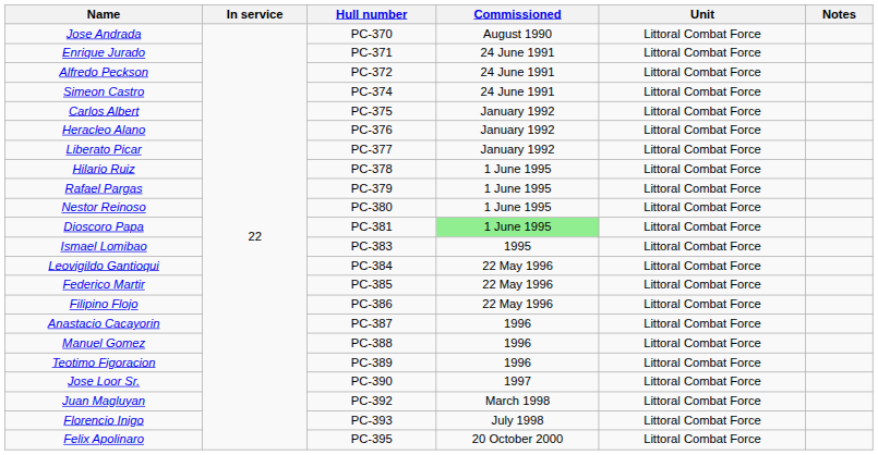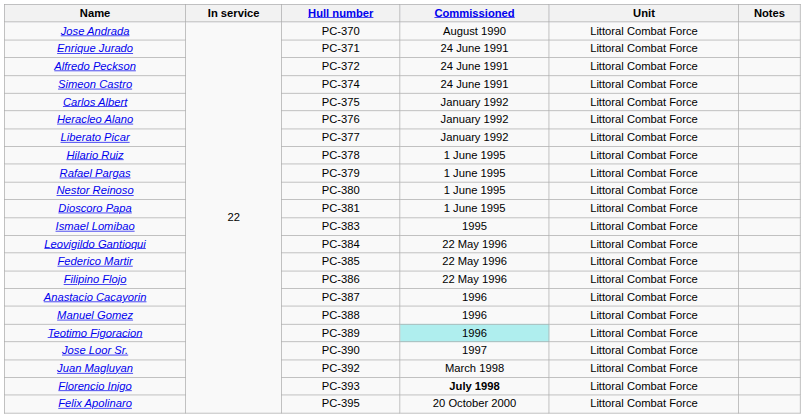 <table class="wikitable"  style="width:90%; text-align:center;">
 <tr style="background:lavender;">
 <th>Name</th>
 <th><strong>In service</strong></th>
 <th><a href='#'>Hull number</a></th>
 <th><a href='#'>Commissioned</a></th>
 <th>Unit</th>
 <th>Notes</th>
 </tr>
 <tr>
 <td valign="top"><a href='#'><em>Jose Andrada</em></a></td>
 <td rowspan="22">22</td>
 <td>PC-370</td>
 <td>August 1990</td>
 <td>Littoral Combat Force</td>
 <td></td>
 </tr>
 <tr>
 <td valign="top"><a href='#'><em>Enrique Jurado</em></a></td>
 <td>PC-371</td>
 <td>24 June 1991</td>
 <td>Littoral Combat Force</td>
 <td></td>
 </tr>
 <tr>
 <td valign="top"><a href='#'><em>Alfredo Peckson</em></a></td>
 <td>PC-372</td>
 <td>24 June 1991</td>
 <td>Littoral Combat Force</td>
 <td></td>
 </tr>
 <tr>
 <td valign="top"><a href='#'><em>Simeon Castro</em></a></td>
 <td>PC-374</td>
 <td>24 June 1991</td>
 <td>Littoral Combat Force</td>
 <td></td>
 </tr>
 <tr>
 <td valign="top"><a href='#'><em>Carlos Albert</em></a></td>
 <td>PC-375</td>
 <td>January 1992</td>
 <td>Littoral Combat Force</td>
 <td></td>
 </tr>
 <tr>
 <td valign="top"><a href='#'><em>Heracleo Alano</em></a></td>
 <td>PC-376</td>
 <td>January 1992</td>
 <td>Littoral Combat Force</td>
 <td></td>
 </tr>
 <tr>
 <td valign="top"><a href='#'><em>Liberato Picar</em></a></td>
 <td>PC-377</td>
 <td>January 1992</td>
 <td>Littoral Combat Force</td>
 <td></td>
 </tr>
 <tr>
 <td valign="top"><a href='#'><em>Hilario Ruiz</em></a></td>
 <td>PC-378</td>
 <td>1 June 1995</td>
 <td>Littoral Combat Force</td>
 <td></td>
 </tr>
 <tr>
 <td valign="top"><a href='#'><em>Rafael Pargas</em></a></td>
 <td>PC-379</td>
 <td>1 June 1995</td>
 <td>Littoral Combat Force</td>
 <td></td>
 </tr>
 <tr>
 <td valign="top"><a href='#'><em>Nestor Reinoso</em></a></td>
 <td>PC-380</td>
 <td>1 June 1995</td>
 <td>Littoral Combat Force</td>
 <td></td>
 </tr>
 <tr>
 <td valign="top"><a href='#'><em>Dioscoro Papa</em></a></td>
 <td>PC-381</td>
-<td style="background: lightgreen;">1 June 1995</td>
+<td>1 June 1995</td>
 <td>Littoral Combat Force</td>
 <td></td>
 </tr>
 <tr>
 <td valign="top"><a href='#'><em>Ismael Lomibao</em></a></td>
 <td>PC-383</td>
 <td>1995</td>
 <td>Littoral Combat Force</td>
 <td></td>
 </tr>
 <tr>
 <td valign="top"><a href='#'><em>Leovigildo Gantioqui</em></a></td>
 <td>PC-384</td>
 <td>22 May 1996</td>
 <td>Littoral Combat Force</td>
 <td></td>
 </tr>
 <tr>
 <td valign="top"><a href='#'><em>Federico Martir</em></a></td>
 <td>PC-385</td>
 <td>22 May 1996</td>
 <td>Littoral Combat Force</td>
 <td></td>
 </tr>
 <tr>
 <td valign="top"><a href='#'><em>Filipino Flojo</em></a></td>
 <td>PC-386</td>
 <td>22 May 1996</td>
 <td>Littoral Combat Force</td>
 <td></td>
 </tr>
 <tr>
 <td valign="top"><a href='#'><em>Anastacio Cacayorin</em></a></td>
 <td>PC-387</td>
 <td>1996</td>
 <td>Littoral Combat Force</td>
 <td></td>
 </tr>
 <tr>
 <td valign="top"><a href='#'><em>Manuel Gomez</em></a></td>
 <td>PC-388</td>
 <td>1996</td>
 <td>Littoral Combat Force</td>
 <td></td>
 </tr>
 <tr>
 <td valign="top"><a href='#'><em>Teotimo Figoracion</em></a></td>
 <td>PC-389</td>
-<td>1996</td>
+<td style="background: paleturquoise;">1996</td>
 <td>Littoral Combat Force</td>
 <td></td>
 </tr>
 <tr>
 <td valign="top"><a href='#'><em>Jose Loor Sr.</em></a></td>
 <td>PC-390</td>
 <td>1997</td>
 <td>Littoral Combat Force</td>
 <td></td>
 </tr>
 <tr>
 <td valign="top"><a href='#'><em>Juan Magluyan</em></a></td>
 <td>PC-392</td>
 <td>March 1998</td>
 <td>Littoral Combat Force</td>
 <td></td>
 </tr>
 <tr>
 <td valign="top"><a href='#'><em>Florencio Inigo</em></a></td>
 <td>PC-393</td>
-<td>July 1998</td>
+<td><strong>July 1998</strong></td>
 <td>Littoral Combat Force</td>
 <td></td>
 </tr>
 <tr>
 <td valign="top"><a href='#'><em>Felix Apolinaro</em></a></td>
 <td>PC-395</td>
 <td>20 October 2000</td>
 <td>Littoral Combat Force</td>
 <td></td>
 </tr>
 </table>
